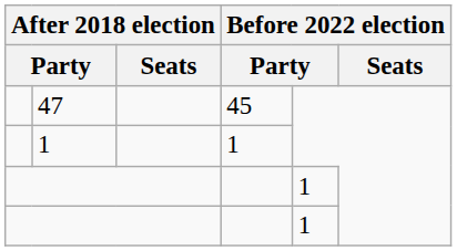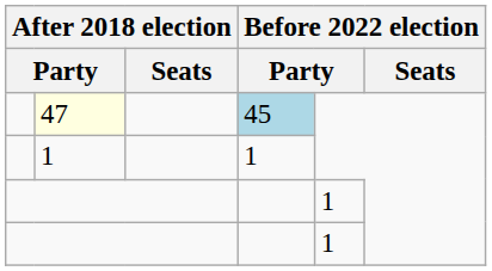 <table class="wikitable">
 <tr>
 <th colspan="3">After 2018 election</th>
 <th colspan="3">Before 2022 election</th>
 </tr>
 <tr>
 <th colspan="2">Party</th>
 <th>Seats</th>
 <th colspan="2">Party</th>
 <th>Seats</th>
 </tr>
 <tr>
 <td></td>
-<td>47</td>
+<td style="background: lightyellow;">47</td>
 <td></td>
-<td>45</td>
+<td style="background: lightblue;">45</td>
 </tr>
 <tr>
 <td></td>
 <td>1</td>
 <td></td>
 <td>1</td>
 </tr>
 <tr>
 <td colspan="3"></td>
 <td></td>
 <td>1</td>
 </tr>
 <tr>
 <td colspan="3"></td>
 <td></td>
 <td>1</td>
 </tr>
 </table>
